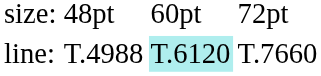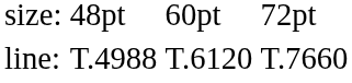 <table style="margin-left:40px;">
 <tr>
 <td>size:</td>
 <td>48pt</td>
 <td>60pt</td>
 <td>72pt</td>
 </tr>
 <tr>
 <td>line:</td>
 <td>T.4988</td>
-<td style="background: paleturquoise;">T.6120</td>
+<td>T.6120</td>
 <td>T.7660</td>
 </tr>
 </table>
